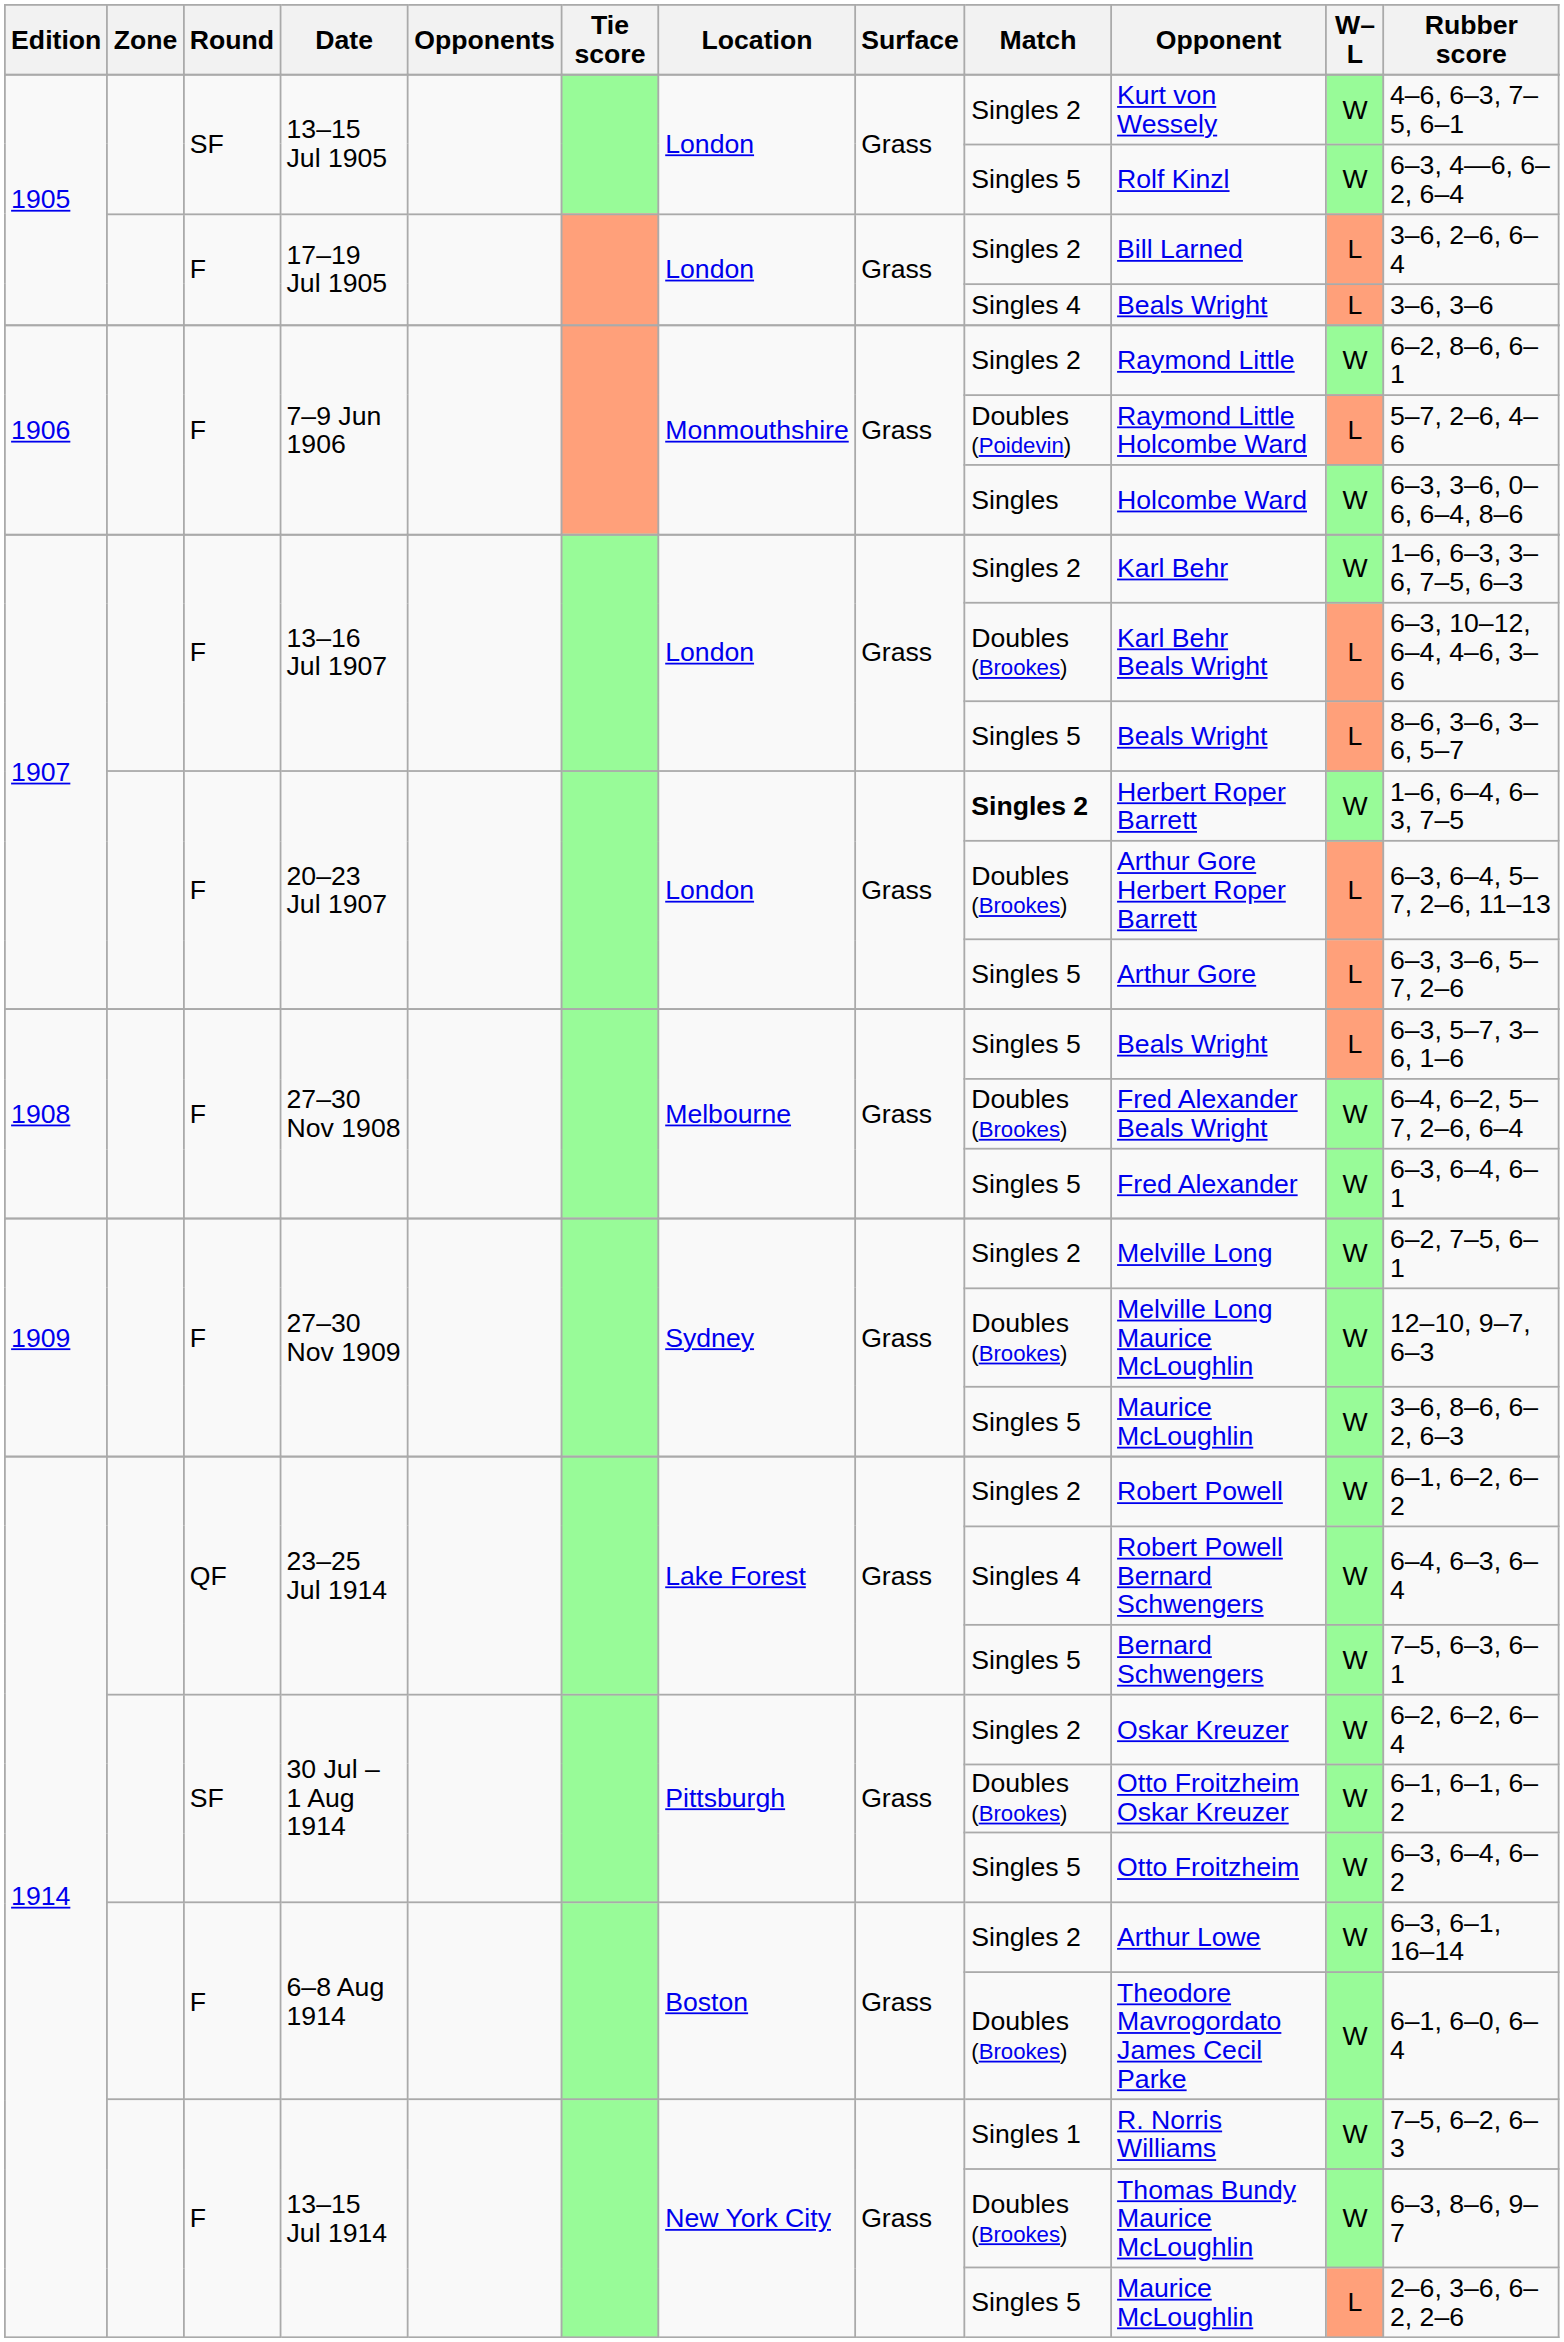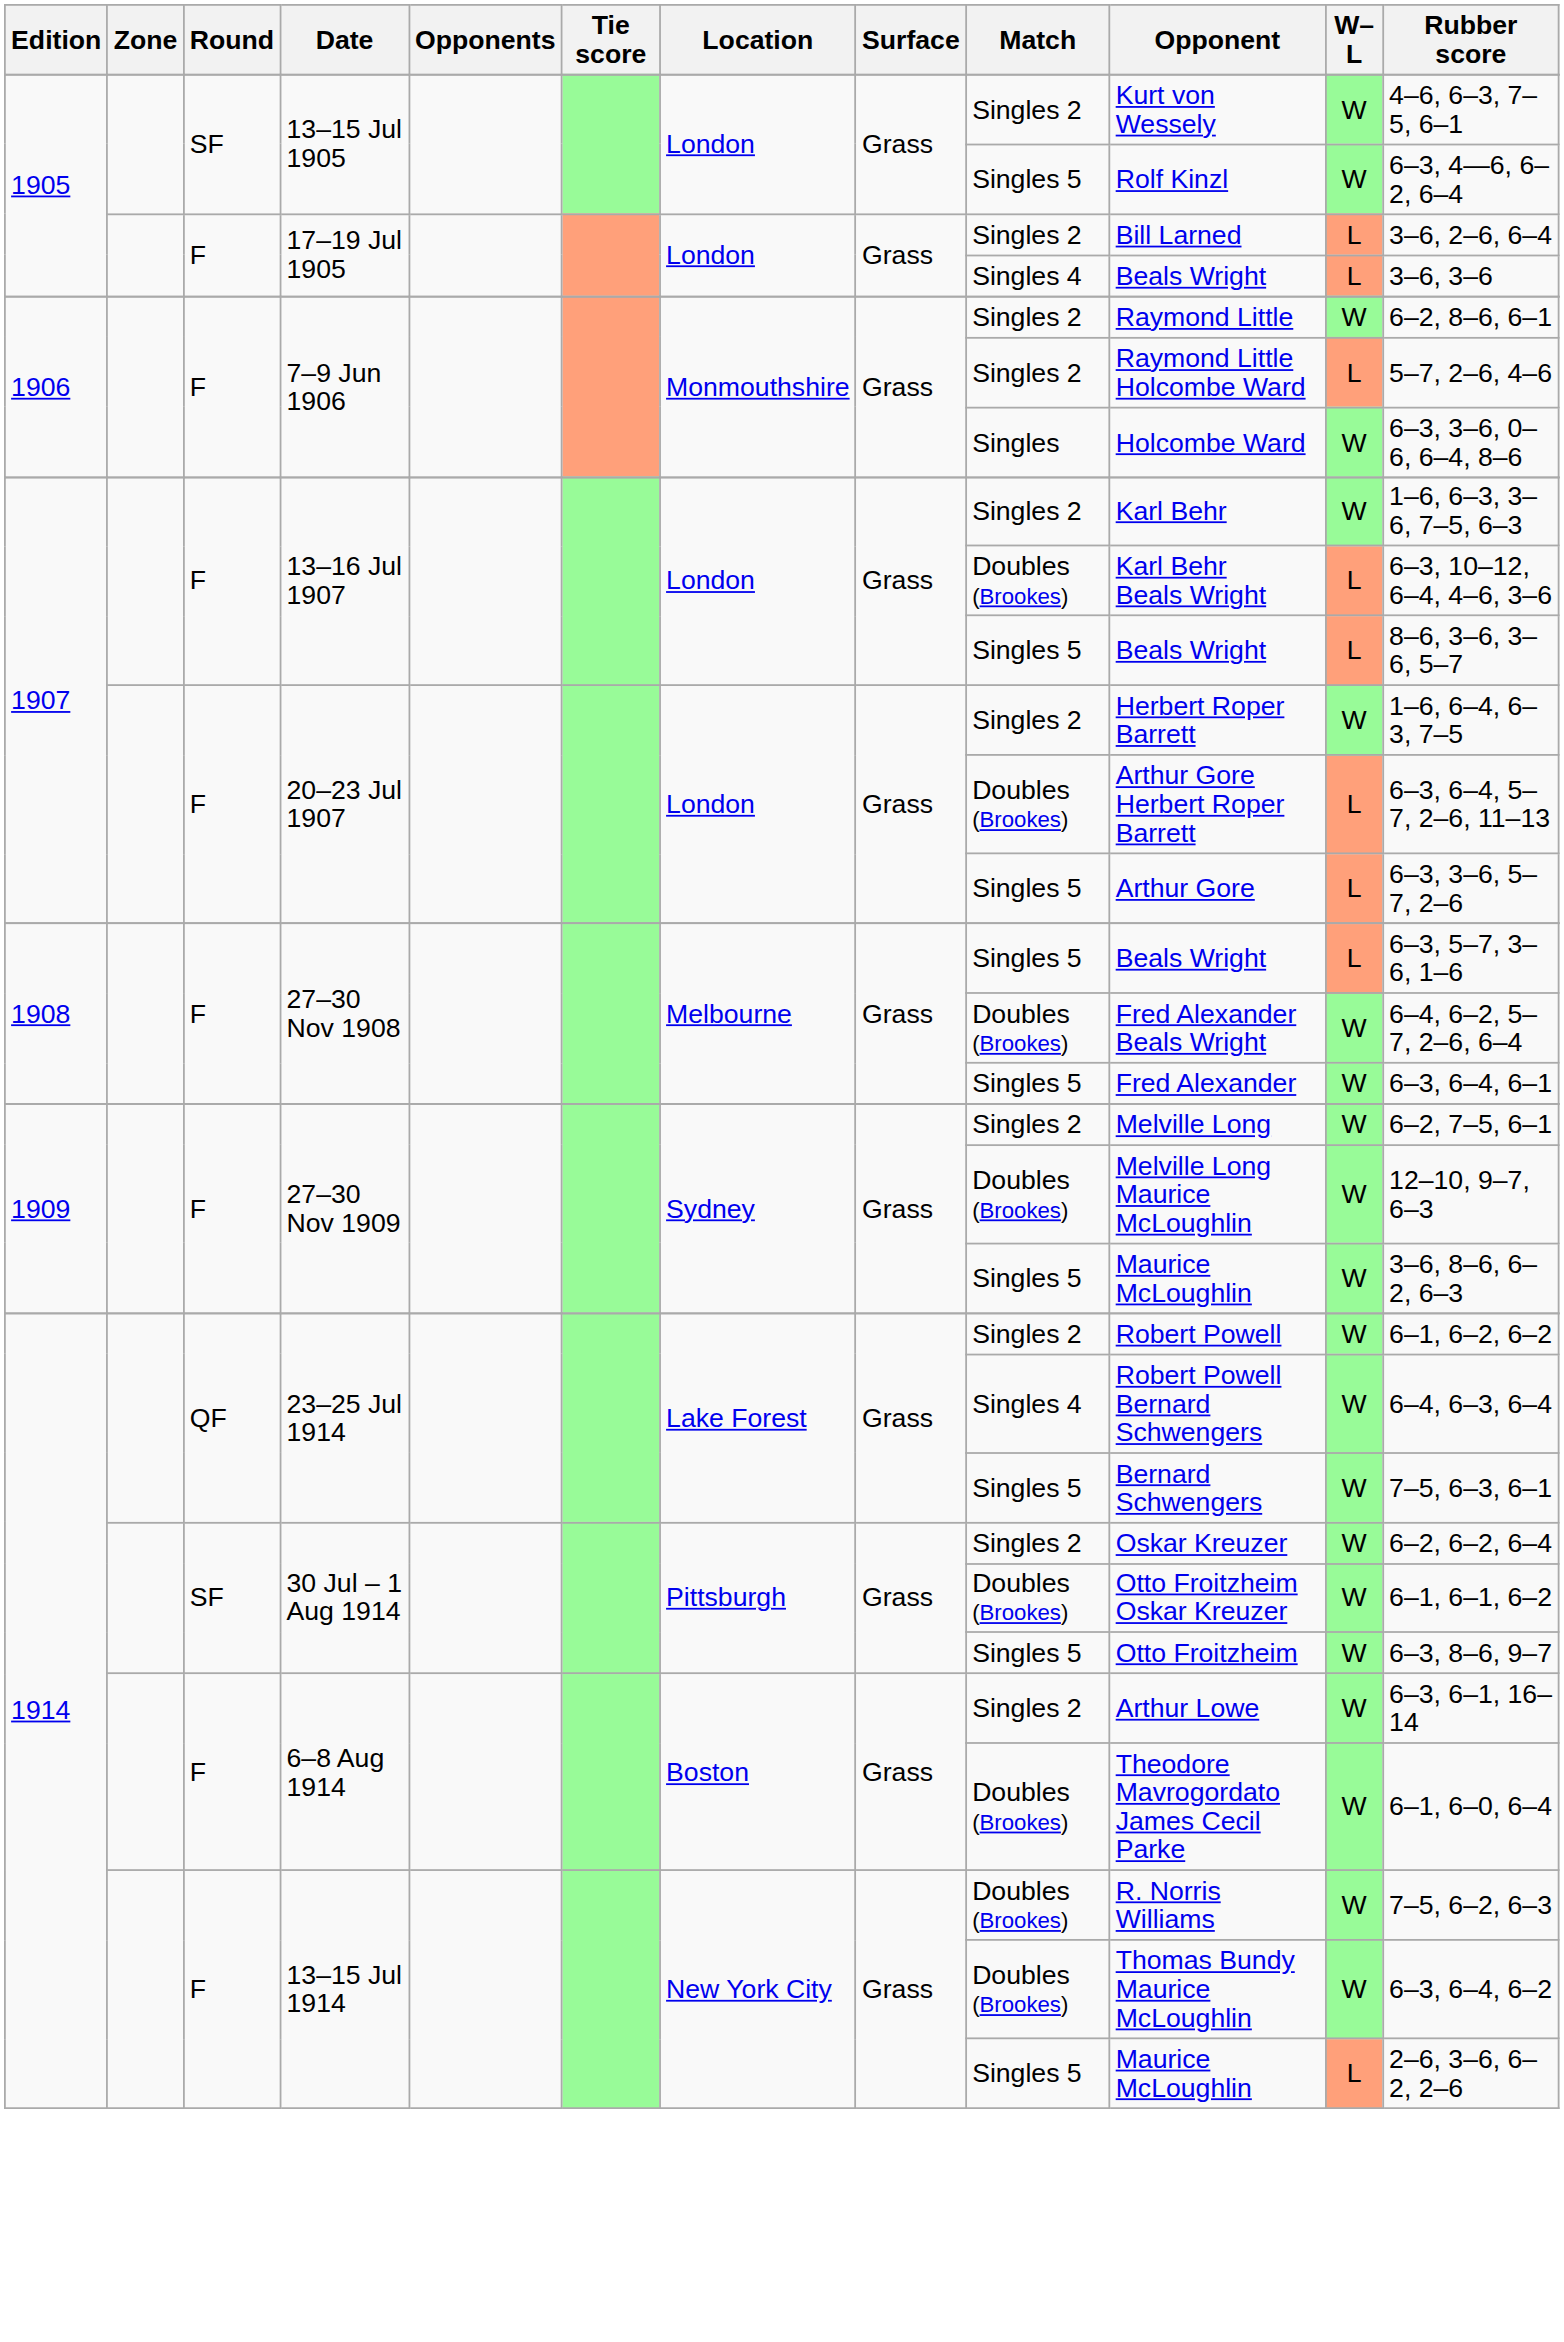 <table class="wikitable" style=font-size:93%>
 <tr>
 <th>Edition</th>
 <th>Zone</th>
 <th>Round</th>
 <th>Date</th>
 <th>Opponents</th>
 <th>Tie score</th>
 <th>Location</th>
 <th>Surface</th>
 <th>Match</th>
 <th>Opponent</th>
 <th>W–L</th>
 <th>Rubber score</th>
 </tr>
 <tr>
 </tr>
 <tr style="background:Gainsboro;">
 </tr>
 <tr>
 <td rowspan=4><a href='#'>1905</a></td>
 <td rowspan=2></td>
 <td rowspan=2>SF</td>
 <td rowspan=2>13–15 Jul 1905</td>
 <td rowspan=2></td>
 <td rowspan=2 style="text-align:center; background:#98fb98;"></td>
 <td rowspan=2><a href='#'>London</a></td>
 <td rowspan=2>Grass</td>
 <td>Singles 2</td>
 <td><a href='#'>Kurt von Wessely</a></td>
 <td style="text-align:center; background:#98fb98;">W</td>
 <td>4–6, 6–3, 7–5, 6–1</td>
 </tr>
 <tr>
 <td>Singles 5</td>
 <td><a href='#'>Rolf Kinzl</a></td>
 <td style="text-align:center; background:#98fb98;">W</td>
 <td>6–3, 4—6, 6–2, 6–4</td>
 </tr>
 <tr>
 <td rowspan=2></td>
 <td rowspan=2>F</td>
 <td rowspan=2>17–19 Jul 1905</td>
 <td rowspan=2></td>
 <td rowspan=2 style="text-align:center; background:#ffa07a;"></td>
 <td rowspan=2><a href='#'>London</a></td>
 <td rowspan=2>Grass</td>
 <td>Singles 2</td>
 <td><a href='#'>Bill Larned</a></td>
 <td style="text-align:center; background:#ffa07a;">L</td>
 <td>3–6, 2–6, 6–4</td>
 </tr>
 <tr>
 <td>Singles 4</td>
 <td><a href='#'>Beals Wright</a></td>
 <td style="text-align:center; background:#ffa07a;">L</td>
 <td>3–6, 3–6</td>
 </tr>
 <tr style="background:Gainsboro;">
 </tr>
 <tr>
 <td rowspan=3><a href='#'>1906</a></td>
 <td rowspan=3></td>
 <td rowspan=3>F</td>
 <td rowspan=3>7–9 Jun 1906</td>
 <td rowspan=3></td>
 <td rowspan=3 style="text-align:center; background:#ffa07a;"></td>
 <td rowspan=3><a href='#'>Monmouthshire</a></td>
 <td rowspan=3>Grass</td>
 <td>Singles 2</td>
 <td><a href='#'>Raymond Little</a></td>
 <td style="text-align:center; background:#98fb98;">W</td>
 <td>6–2, 8–6, 6–1</td>
 </tr>
 <tr>
-<td>Doubles <small>(<a href='#'>Poidevin</a>)</small></td>
+<td>Singles 2</td>
 <td><a href='#'>Raymond Little</a> <br> <a href='#'>Holcombe Ward</a></td>
 <td style="text-align:center; background:#ffa07a;">L</td>
 <td>5–7, 2–6, 4–6</td>
 </tr>
 <tr>
 <td>Singles</td>
 <td><a href='#'>Holcombe Ward</a></td>
 <td style="text-align:center; background:#98fb98;">W</td>
 <td>6–3, 3–6, 0–6, 6–4, 8–6</td>
 </tr>
 <tr style="background:Gainsboro;">
 </tr>
 <tr>
 <td rowspan=6><a href='#'>1907</a></td>
 <td rowspan=3></td>
 <td rowspan=3>F</td>
 <td rowspan=3>13–16 Jul 1907</td>
 <td rowspan=3></td>
 <td rowspan=3 style="text-align:center; background:#98fb98;"></td>
 <td rowspan=3><a href='#'>London</a></td>
 <td rowspan=3>Grass</td>
 <td>Singles 2</td>
 <td><a href='#'>Karl Behr</a></td>
 <td style="text-align:center; background:#98fb98;">W</td>
 <td>1–6, 6–3, 3–6, 7–5, 6–3</td>
 </tr>
 <tr>
 <td>Doubles <small>(<a href='#'>Brookes</a>)</small></td>
 <td><a href='#'>Karl Behr</a> <br> <a href='#'>Beals Wright</a></td>
 <td style="text-align:center; background:#ffa07a;">L</td>
 <td>6–3, 10–12, 6–4, 4–6, 3–6</td>
 </tr>
 <tr>
 <td>Singles 5</td>
 <td><a href='#'>Beals Wright</a></td>
 <td style="text-align:center; background:#ffa07a;">L</td>
 <td>8–6, 3–6, 3–6, 5–7</td>
 </tr>
 <tr>
 <td rowspan=3></td>
 <td rowspan=3>F</td>
 <td rowspan=3>20–23 Jul 1907</td>
 <td rowspan=3></td>
 <td rowspan=3 style="text-align:center; background:#98fb98;"></td>
 <td rowspan=3><a href='#'>London</a></td>
 <td rowspan=3>Grass</td>
-<td><strong>Singles 2</strong></td>
+<td>Singles 2</td>
 <td><a href='#'>Herbert Roper Barrett</a></td>
 <td style="text-align:center; background:#98fb98;">W</td>
 <td>1–6, 6–4, 6–3, 7–5</td>
 </tr>
 <tr>
 <td>Doubles <small>(<a href='#'>Brookes</a>)</small></td>
 <td><a href='#'>Arthur Gore</a> <br> <a href='#'>Herbert Roper Barrett</a></td>
 <td style="text-align:center; background:#ffa07a;">L</td>
 <td>6–3, 6–4, 5–7, 2–6, 11–13</td>
 </tr>
 <tr>
 <td>Singles 5</td>
 <td><a href='#'>Arthur Gore</a></td>
 <td style="text-align:center; background:#ffa07a;">L</td>
 <td>6–3, 3–6, 5–7, 2–6</td>
 </tr>
 <tr style="background:Gainsboro;">
 </tr>
 <tr>
 <td rowspan=3><a href='#'>1908</a></td>
 <td rowspan=3></td>
 <td rowspan=3>F</td>
 <td rowspan=3>27–30 Nov 1908</td>
 <td rowspan=3></td>
 <td rowspan=3 style="text-align:center; background:#98fb98;"></td>
 <td rowspan=3><a href='#'>Melbourne</a></td>
 <td rowspan=3>Grass</td>
 <td>Singles 5</td>
 <td><a href='#'>Beals Wright</a></td>
 <td style="text-align:center; background:#ffa07a;">L</td>
 <td>6–3, 5–7, 3–6, 1–6</td>
 </tr>
 <tr>
 <td>Doubles <small>(<a href='#'>Brookes</a>)</small></td>
 <td><a href='#'>Fred Alexander</a> <br> <a href='#'>Beals Wright</a></td>
 <td style="text-align:center; background:#98fb98;">W</td>
 <td>6–4, 6–2, 5–7, 2–6, 6–4</td>
 </tr>
 <tr>
 <td>Singles 5</td>
 <td><a href='#'>Fred Alexander</a></td>
 <td style="text-align:center; background:#98fb98;">W</td>
 <td>6–3, 6–4, 6–1</td>
 </tr>
 <tr style="background:Gainsboro;">
 </tr>
 <tr>
 <td rowspan=3><a href='#'>1909</a></td>
 <td rowspan=3></td>
 <td rowspan=3>F</td>
 <td rowspan=3>27–30 Nov 1909</td>
 <td rowspan=3></td>
 <td rowspan=3 style="text-align:center; background:#98fb98;"></td>
 <td rowspan=3><a href='#'>Sydney</a></td>
 <td rowspan=3>Grass</td>
 <td>Singles 2</td>
 <td><a href='#'>Melville Long</a></td>
 <td style="text-align:center; background:#98fb98;">W</td>
 <td>6–2, 7–5, 6–1</td>
 </tr>
 <tr>
 <td>Doubles <small>(<a href='#'>Brookes</a>)</small></td>
 <td><a href='#'>Melville Long</a> <br> <a href='#'>Maurice McLoughlin</a></td>
 <td style="text-align:center; background:#98fb98;">W</td>
 <td>12–10, 9–7, 6–3</td>
 </tr>
 <tr>
 <td>Singles 5</td>
 <td><a href='#'>Maurice McLoughlin</a></td>
 <td style="text-align:center; background:#98fb98;">W</td>
 <td>3–6, 8–6, 6–2, 6–3</td>
 </tr>
 <tr style="background:Gainsboro;">
 </tr>
 <tr>
 <td rowspan=11><a href='#'>1914</a></td>
 <td rowspan=3></td>
 <td rowspan=3>QF</td>
 <td rowspan=3>23–25 Jul 1914</td>
 <td rowspan=3></td>
 <td rowspan=3 style="text-align:center; background:#98fb98;"></td>
 <td rowspan=3><a href='#'>Lake Forest</a></td>
 <td rowspan=3>Grass</td>
 <td>Singles 2</td>
 <td><a href='#'>Robert Powell</a></td>
 <td style="text-align:center; background:#98fb98;">W</td>
 <td>6–1, 6–2, 6–2</td>
 </tr>
 <tr>
 <td>Singles 4</td>
 <td><a href='#'>Robert Powell</a> <br> <a href='#'>Bernard Schwengers</a></td>
 <td style="text-align:center; background:#98fb98;">W</td>
 <td>6–4, 6–3, 6–4</td>
 </tr>
 <tr>
 <td>Singles 5</td>
 <td><a href='#'>Bernard Schwengers</a></td>
 <td style="text-align:center; background:#98fb98;">W</td>
 <td>7–5, 6–3, 6–1</td>
 </tr>
 <tr>
 <td rowspan=3></td>
 <td rowspan=3>SF</td>
 <td rowspan=3>30 Jul – 1 Aug 1914</td>
 <td rowspan=3></td>
 <td rowspan=3 style="text-align:center; background:#98fb98;"></td>
 <td rowspan=3><a href='#'>Pittsburgh</a></td>
 <td rowspan=3>Grass</td>
 <td>Singles 2</td>
 <td><a href='#'>Oskar Kreuzer</a></td>
 <td style="text-align:center; background:#98fb98;">W</td>
 <td>6–2, 6–2, 6–4</td>
 </tr>
 <tr>
 <td>Doubles <small>(<a href='#'>Brookes</a>)</small></td>
 <td><a href='#'>Otto Froitzheim</a> <br> <a href='#'>Oskar Kreuzer</a></td>
 <td style="text-align:center; background:#98fb98;">W</td>
 <td>6–1, 6–1, 6–2</td>
 </tr>
 <tr>
 <td>Singles 5</td>
 <td><a href='#'>Otto Froitzheim</a></td>
 <td style="text-align:center; background:#98fb98;">W</td>
-<td>6–3, 6–4, 6–2</td>
+<td>6–3, 8–6, 9–7</td>
 </tr>
 <tr>
 <td rowspan=2></td>
 <td rowspan=2>F</td>
 <td rowspan=2>6–8 Aug 1914</td>
 <td rowspan=2></td>
 <td rowspan=2 style="text-align:center; background:#98fb98;"></td>
 <td rowspan=2><a href='#'>Boston</a></td>
 <td rowspan=2>Grass</td>
 <td>Singles 2</td>
 <td><a href='#'>Arthur Lowe</a></td>
 <td style="text-align:center; background:#98fb98;">W</td>
 <td>6–3, 6–1, 16–14</td>
 </tr>
 <tr>
 <td>Doubles <small>(<a href='#'>Brookes</a>)</small></td>
 <td><a href='#'>Theodore Mavrogordato</a> <br> <a href='#'>James Cecil Parke</a></td>
 <td style="text-align:center; background:#98fb98;">W</td>
 <td>6–1, 6–0, 6–4</td>
 </tr>
 <tr>
 <td rowspan=3></td>
 <td rowspan=3>F</td>
 <td rowspan=3>13–15 Jul 1914</td>
 <td rowspan=3></td>
 <td rowspan=3 style="text-align:center; background:#98fb98;"></td>
 <td rowspan=3><a href='#'>New York City</a></td>
 <td rowspan=3>Grass</td>
-<td>Singles 1</td>
+<td>Doubles <small>(<a href='#'>Brookes</a>)</small></td>
 <td><a href='#'>R. Norris Williams</a></td>
 <td style="text-align:center; background:#98fb98;">W</td>
 <td>7–5, 6–2, 6–3</td>
 </tr>
 <tr>
 <td>Doubles <small>(<a href='#'>Brookes</a>)</small></td>
 <td><a href='#'>Thomas Bundy</a> <br> <a href='#'>Maurice McLoughlin</a></td>
 <td style="text-align:center; background:#98fb98;">W</td>
-<td>6–3, 8–6, 9–7</td>
+<td>6–3, 6–4, 6–2</td>
 </tr>
 <tr>
 <td>Singles 5</td>
 <td><a href='#'>Maurice McLoughlin</a></td>
 <td style="text-align:center; background:#ffa07a;">L</td>
 <td>2–6, 3–6, 6–2, 2–6</td>
 </tr>
 </table>
